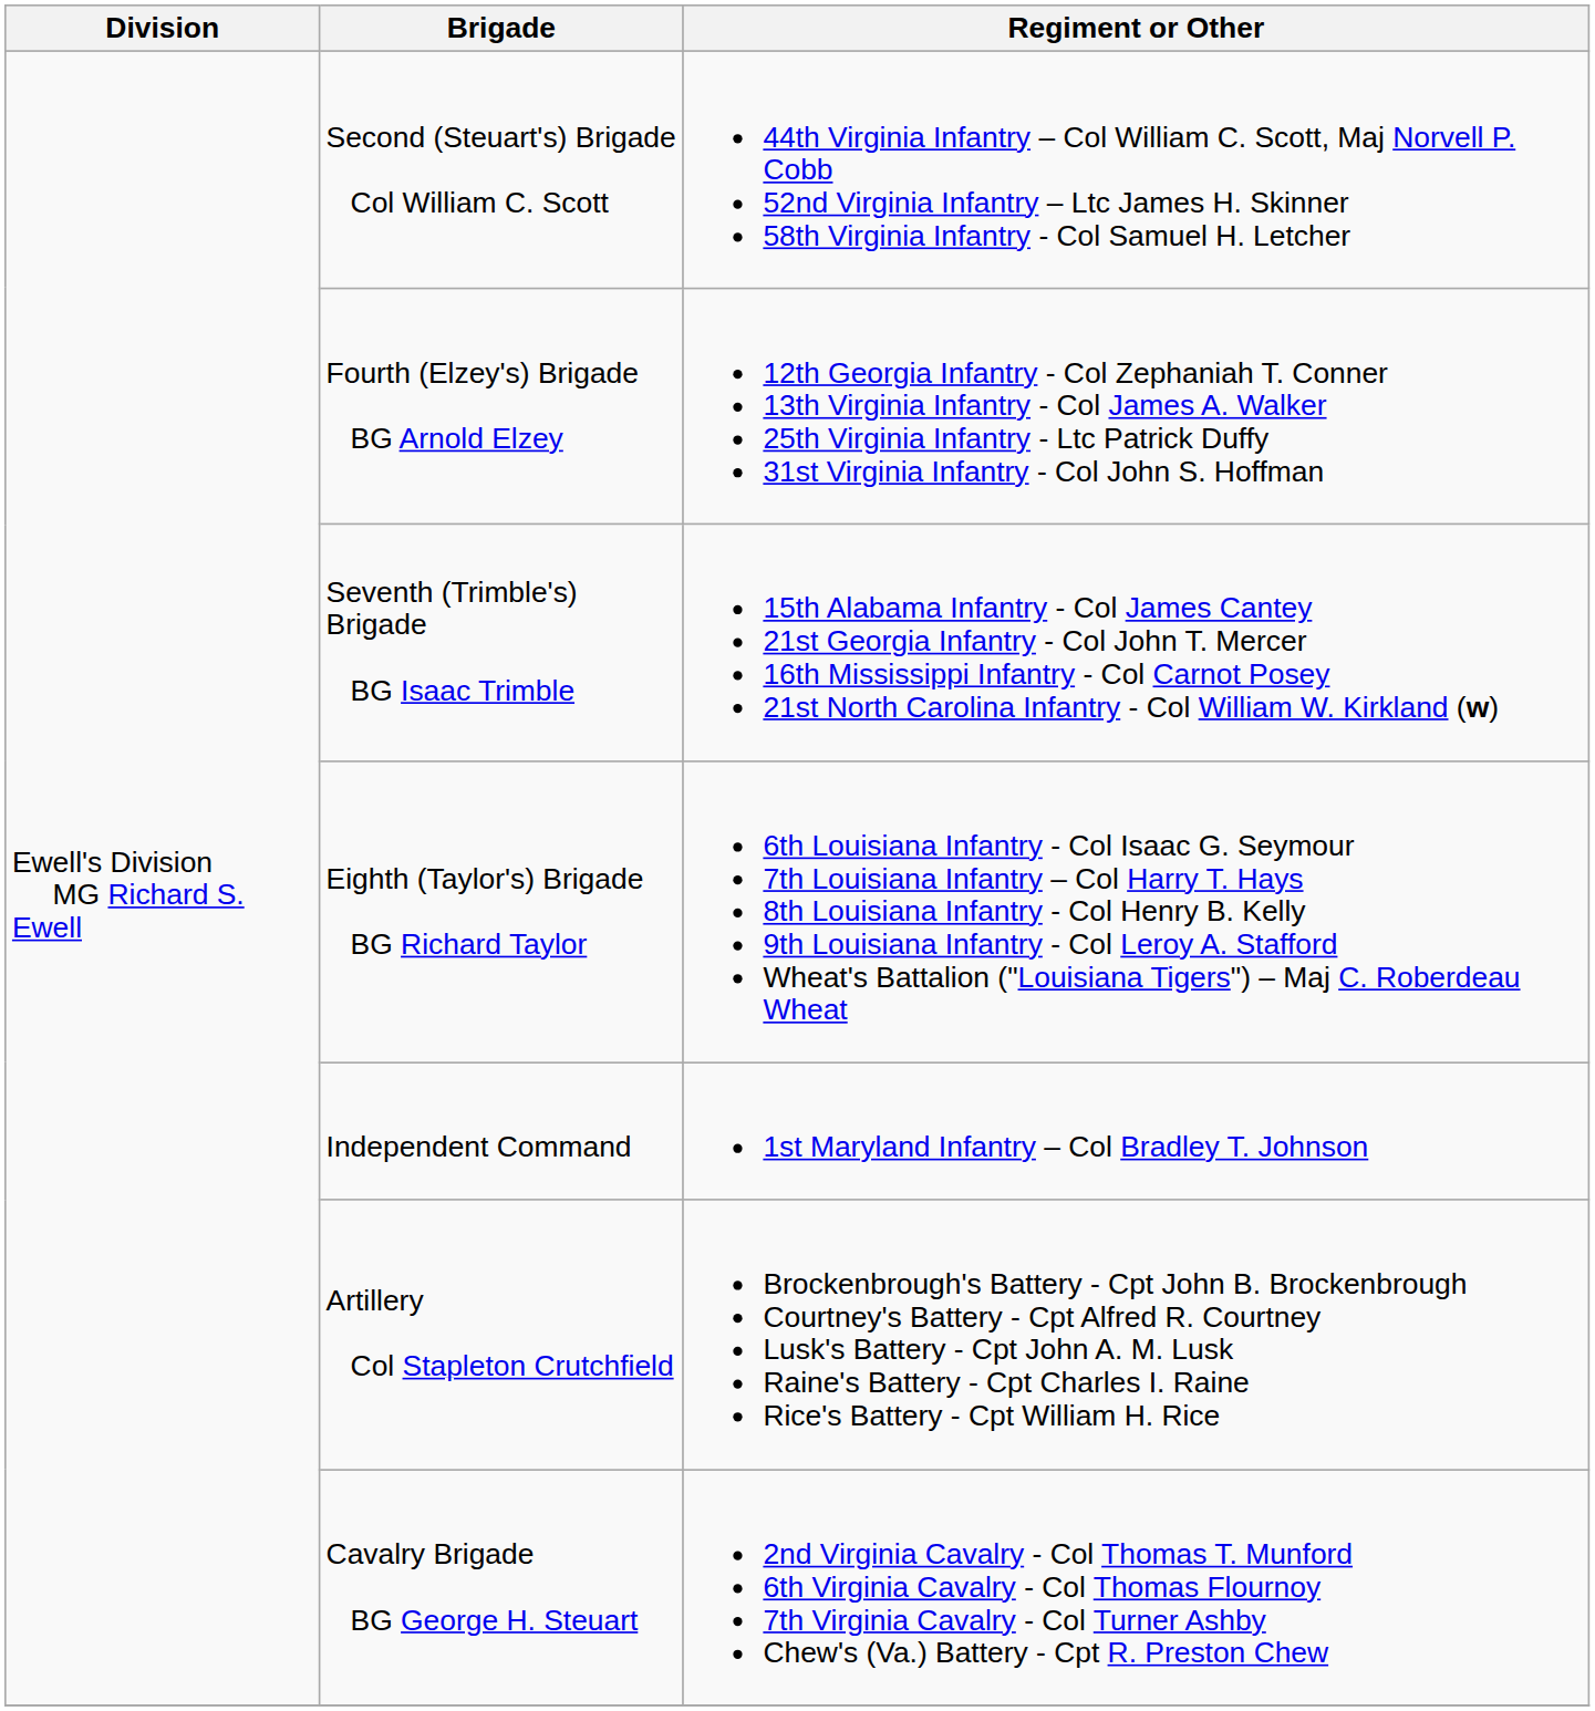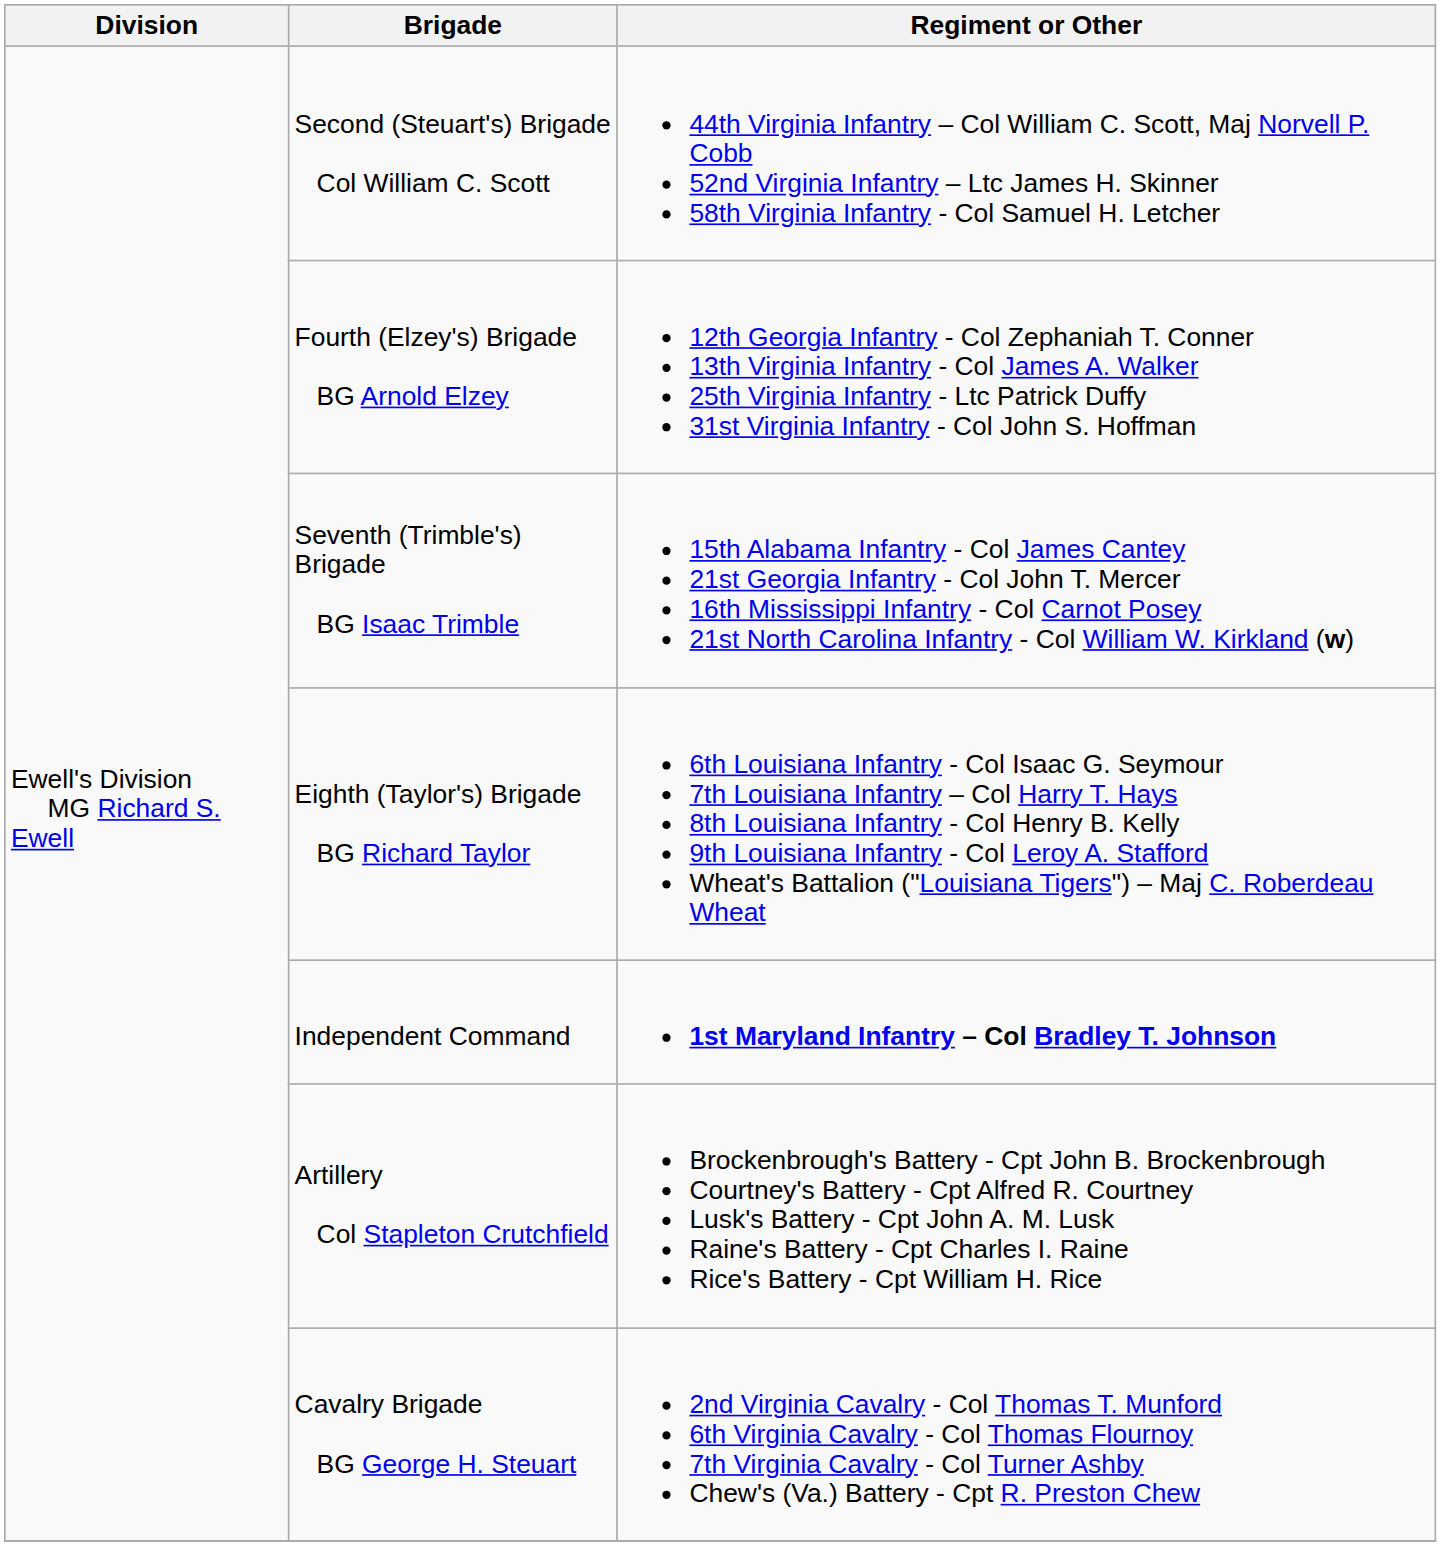 <table class="wikitable">
 <tr>
 <th>Division</th>
 <th>Brigade</th>
 <th>Regiment or Other</th>
 </tr>
 <tr>
 <td rowspan=7><br>Ewell's Division <br>     MG <a href='#'>Richard S. Ewell</a></td>
 <td>Second (Steuart's) Brigade<br><br>   Col William C. Scott</td>
 <td><br><ul><li><a href='#'>44th Virginia Infantry</a> – Col William C. Scott, Maj <a href='#'>Norvell P. Cobb</a></li><li><a href='#'>52nd Virginia Infantry</a> – Ltc James H. Skinner</li><li><a href='#'>58th Virginia Infantry</a> - Col Samuel H. Letcher</li></ul></td>
 </tr>
 <tr>
 <td>Fourth (Elzey's) Brigade<br><br>   BG <a href='#'>Arnold Elzey</a></td>
 <td><br><ul><li><a href='#'>12th Georgia Infantry</a> - Col Zephaniah T. Conner</li><li><a href='#'>13th Virginia Infantry</a> - Col <a href='#'>James A. Walker</a></li><li><a href='#'>25th Virginia Infantry</a> - Ltc Patrick Duffy</li><li><a href='#'>31st Virginia Infantry</a> - Col John S. Hoffman</li></ul></td>
 </tr>
 <tr>
 <td>Seventh (Trimble's) Brigade<br><br>   BG <a href='#'>Isaac Trimble</a></td>
 <td><br><ul><li><a href='#'>15th Alabama Infantry</a> - Col <a href='#'>James Cantey</a></li><li><a href='#'>21st Georgia Infantry</a> - Col John T. Mercer</li><li><a href='#'>16th Mississippi Infantry</a> - Col <a href='#'>Carnot Posey</a></li><li><a href='#'>21st North Carolina Infantry</a> - Col <a href='#'>William W. Kirkland</a> (<strong>w</strong>)</li></ul></td>
 </tr>
 <tr>
 <td>Eighth (Taylor's) Brigade<br><br>   BG <a href='#'>Richard Taylor</a></td>
 <td><br><ul><li><a href='#'>6th Louisiana Infantry</a> - Col Isaac G. Seymour</li><li><a href='#'>7th Louisiana Infantry</a> – Col <a href='#'>Harry T. Hays</a></li><li><a href='#'>8th Louisiana Infantry</a> - Col Henry B. Kelly</li><li><a href='#'>9th Louisiana Infantry</a> - Col <a href='#'>Leroy A. Stafford</a></li><li>Wheat's Battalion ("<a href='#'>Louisiana Tigers</a>") – Maj <a href='#'>C. Roberdeau Wheat</a></li></ul></td>
 </tr>
 <tr>
 <td><br>Independent Command</td>
-<td><br><ul><li><a href='#'>1st Maryland Infantry</a> – Col <a href='#'>Bradley T. Johnson</a></li></ul></td>
+<td><strong><br><ul><li><a href='#'>1st Maryland Infantry</a> – Col <a href='#'>Bradley T. Johnson</a></li></ul></strong></td>
 </tr>
 <tr>
 <td>Artillery<br><br>   Col <a href='#'>Stapleton Crutchfield</a></td>
 <td><br><ul><li>Brockenbrough's Battery - Cpt John B. Brockenbrough</li><li>Courtney's Battery - Cpt Alfred R. Courtney</li><li>Lusk's Battery - Cpt John A. M. Lusk</li><li>Raine's Battery - Cpt Charles I. Raine</li><li>Rice's Battery - Cpt William H. Rice</li></ul></td>
 </tr>
 <tr>
 <td>Cavalry Brigade<br><br>   BG <a href='#'>George H. Steuart</a></td>
 <td><br><ul><li><a href='#'>2nd Virginia Cavalry</a> - Col <a href='#'>Thomas T. Munford</a></li><li><a href='#'>6th Virginia Cavalry</a> - Col <a href='#'>Thomas Flournoy</a></li><li><a href='#'>7th Virginia Cavalry</a> - Col <a href='#'>Turner Ashby</a></li><li>Chew's (Va.) Battery - Cpt <a href='#'>R. Preston Chew</a></li></ul></td>
 </tr>
 <tr>
 </tr>
 </table>
